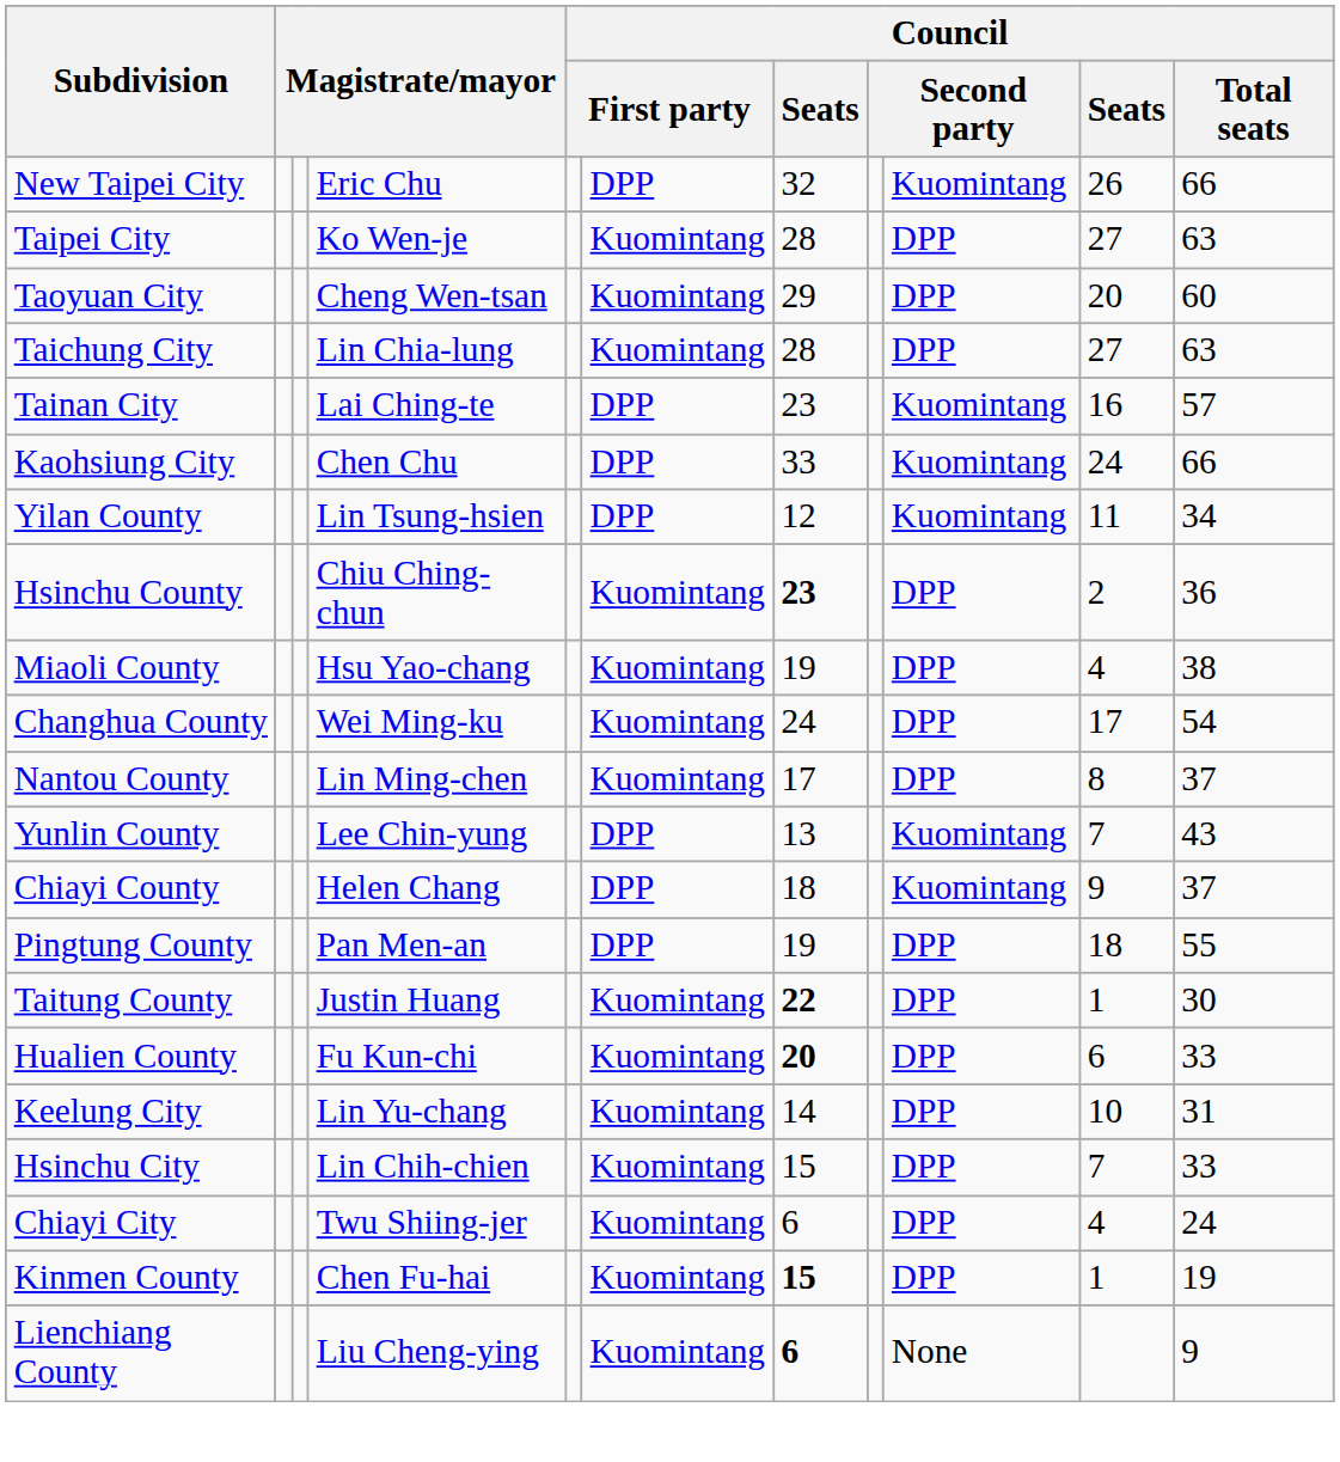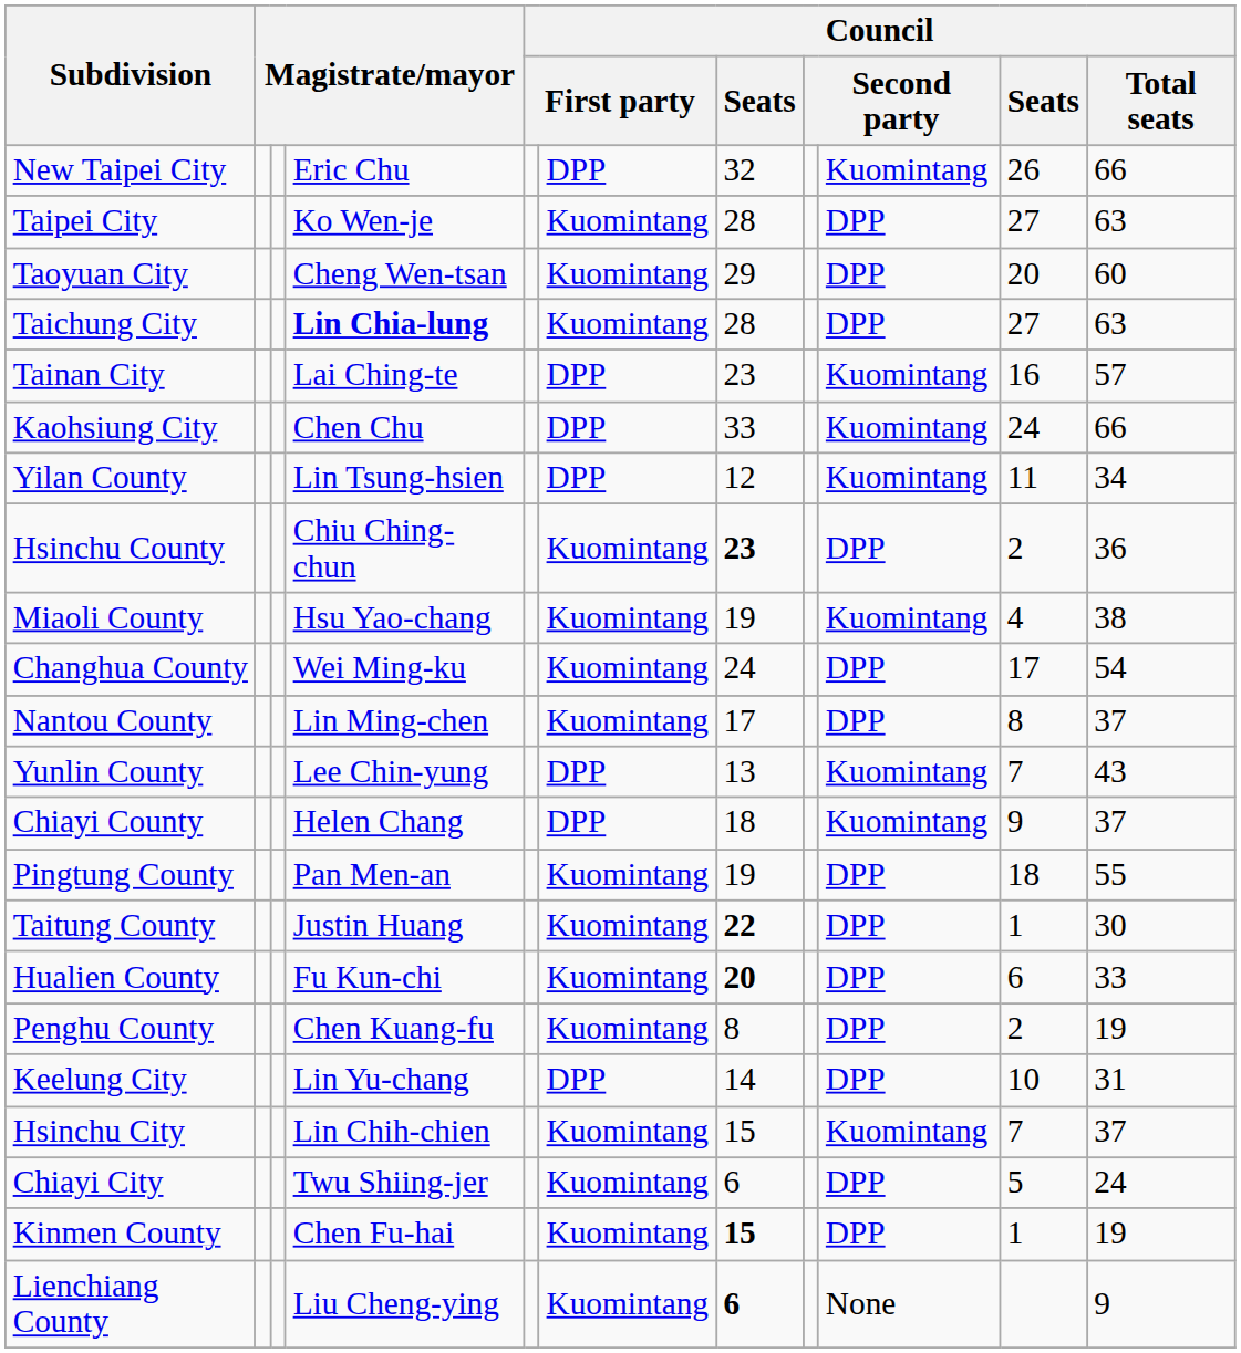 <table class="wikitable sortable">
 <tr>
 <th rowspan="2">Subdivision</th>
 <th colspan="3" rowspan="2">Magistrate/mayor</th>
 <th colspan="7">Council</th>
 </tr>
 <tr>
 <th colspan="2">First party</th>
 <th>Seats</th>
 <th colspan="2">Second party</th>
 <th>Seats</th>
 <th>Total seats</th>
 </tr>
 <tr>
 <td><a href='#'>New Taipei City</a></td>
 <td style="background-color:"></td>
 <td></td>
 <td><a href='#'>Eric Chu</a></td>
 <td style="background-color:"></td>
 <td><a href='#'>DPP</a></td>
 <td>32</td>
 <td style="background-color:"></td>
 <td><a href='#'>Kuomintang</a></td>
 <td>26</td>
 <td>66</td>
 </tr>
 <tr>
 <td><a href='#'>Taipei City</a></td>
 <td style="background-color:"></td>
 <td></td>
 <td><a href='#'>Ko Wen-je</a></td>
 <td style="background-color:"></td>
 <td><a href='#'>Kuomintang</a></td>
 <td>28</td>
 <td style="background-color:"></td>
 <td><a href='#'>DPP</a></td>
 <td>27</td>
 <td>63</td>
 </tr>
 <tr>
 <td><a href='#'>Taoyuan City</a></td>
 <td style="background-color:"></td>
 <td></td>
 <td><a href='#'>Cheng Wen-tsan</a></td>
 <td style="background-color:"></td>
 <td><a href='#'>Kuomintang</a></td>
 <td>29</td>
 <td style="background-color:"></td>
 <td><a href='#'>DPP</a></td>
 <td>20</td>
 <td>60</td>
 </tr>
 <tr>
 <td><a href='#'>Taichung City</a></td>
 <td style="background-color:"></td>
 <td></td>
-<td><a href='#'>Lin Chia-lung</a></td>
+<td><strong><a href='#'>Lin Chia-lung</a></strong></td>
 <td style="background-color:"></td>
 <td><a href='#'>Kuomintang</a></td>
 <td>28</td>
 <td style="background-color:"></td>
 <td><a href='#'>DPP</a></td>
 <td>27</td>
 <td>63</td>
 </tr>
 <tr>
 <td><a href='#'>Tainan City</a></td>
 <td style="background-color:"></td>
 <td></td>
 <td><a href='#'>Lai Ching-te</a></td>
 <td style="background-color:"></td>
 <td><a href='#'>DPP</a></td>
 <td>23</td>
 <td style="background-color:"></td>
 <td><a href='#'>Kuomintang</a></td>
 <td>16</td>
 <td>57</td>
 </tr>
 <tr>
 <td><a href='#'>Kaohsiung City</a></td>
 <td style="background-color:"></td>
 <td></td>
 <td><a href='#'>Chen Chu</a></td>
 <td style="background-color:"></td>
 <td><a href='#'>DPP</a></td>
 <td>33</td>
 <td style="background-color:"></td>
 <td><a href='#'>Kuomintang</a></td>
 <td>24</td>
 <td>66</td>
 </tr>
 <tr>
 <td><a href='#'>Yilan County</a></td>
 <td style="background-color:"></td>
 <td></td>
 <td><a href='#'>Lin Tsung-hsien</a></td>
 <td style="background-color:"></td>
 <td><a href='#'>DPP</a></td>
 <td>12</td>
 <td style="background-color:"></td>
 <td><a href='#'>Kuomintang</a></td>
 <td>11</td>
 <td>34</td>
 </tr>
 <tr>
 <td><a href='#'>Hsinchu County</a></td>
 <td style="background-color:"></td>
 <td></td>
 <td><a href='#'>Chiu Ching-chun</a></td>
 <td style="background-color:"></td>
 <td><a href='#'>Kuomintang</a></td>
 <td><strong>23</strong></td>
 <td style="background-color:"></td>
 <td><a href='#'>DPP</a></td>
 <td>2</td>
 <td>36</td>
 </tr>
 <tr>
 <td><a href='#'>Miaoli County</a></td>
 <td style="background-color:"></td>
 <td></td>
 <td><a href='#'>Hsu Yao-chang</a></td>
 <td style="background-color:"></td>
 <td><a href='#'>Kuomintang</a></td>
 <td>19</td>
 <td style="background-color:"></td>
-<td><a href='#'>DPP</a></td>
+<td><a href='#'>Kuomintang</a></td>
 <td>4</td>
 <td>38</td>
 </tr>
 <tr>
 <td><a href='#'>Changhua County</a></td>
 <td style="background-color:"></td>
 <td></td>
 <td><a href='#'>Wei Ming-ku</a></td>
 <td style="background-color:"></td>
 <td><a href='#'>Kuomintang</a></td>
 <td>24</td>
 <td style="background-color:"></td>
 <td><a href='#'>DPP</a></td>
 <td>17</td>
 <td>54</td>
 </tr>
 <tr>
 <td><a href='#'>Nantou County</a></td>
 <td style="background-color:"></td>
 <td></td>
 <td><a href='#'>Lin Ming-chen</a></td>
 <td style="background-color:"></td>
 <td><a href='#'>Kuomintang</a></td>
 <td>17</td>
 <td style="background-color:"></td>
 <td><a href='#'>DPP</a></td>
 <td>8</td>
 <td>37</td>
 </tr>
 <tr>
 <td><a href='#'>Yunlin County</a></td>
 <td style="background-color:"></td>
 <td></td>
 <td><a href='#'>Lee Chin-yung</a></td>
 <td style="background-color:"></td>
 <td><a href='#'>DPP</a></td>
 <td>13</td>
 <td style="background-color:"></td>
 <td><a href='#'>Kuomintang</a></td>
 <td>7</td>
 <td>43</td>
 </tr>
 <tr>
 <td><a href='#'>Chiayi County</a></td>
 <td style="background-color:"></td>
 <td></td>
 <td><a href='#'>Helen Chang</a></td>
 <td style="background-color:"></td>
 <td><a href='#'>DPP</a></td>
 <td>18</td>
 <td style="background-color:"></td>
 <td><a href='#'>Kuomintang</a></td>
 <td>9</td>
 <td>37</td>
 </tr>
 <tr>
 <td><a href='#'>Pingtung County</a></td>
 <td style="background-color:"></td>
 <td></td>
 <td><a href='#'>Pan Men-an</a></td>
 <td style="background-color:"></td>
-<td><a href='#'>DPP</a></td>
+<td><a href='#'>Kuomintang</a></td>
 <td>19</td>
 <td style="background-color:"></td>
 <td><a href='#'>DPP</a></td>
 <td>18</td>
 <td>55</td>
 </tr>
 <tr>
 <td><a href='#'>Taitung County</a></td>
 <td style="background-color:"></td>
 <td></td>
 <td><a href='#'>Justin Huang</a></td>
 <td style="background-color:"></td>
 <td><a href='#'>Kuomintang</a></td>
 <td><strong>22</strong></td>
 <td style="background-color:"></td>
 <td><a href='#'>DPP</a></td>
 <td>1</td>
 <td>30</td>
 </tr>
 <tr>
 <td><a href='#'>Hualien County</a></td>
 <td style="background-color:"></td>
 <td></td>
 <td><a href='#'>Fu Kun-chi</a></td>
 <td style="background-color:"></td>
 <td><a href='#'>Kuomintang</a></td>
 <td><strong>20</strong></td>
 <td style="background-color:"></td>
 <td><a href='#'>DPP</a></td>
 <td>6</td>
 <td>33</td>
 </tr>
 <tr>
+<td><a href='#'>Penghu County</a></td>
+<td style="background-color:"></td>
+<td></td>
+<td><a href='#'>Chen Kuang-fu</a></td>
+<td style="background-color:"></td>
+<td><a href='#'>Kuomintang</a></td>
+<td>8</td>
+<td style="background-color:"></td>
+<td><a href='#'>DPP</a></td>
+<td>2</td>
+<td>19</td>
+</tr>
+<tr>
 <td><a href='#'>Keelung City</a></td>
 <td style="background-color:"></td>
 <td></td>
 <td><a href='#'>Lin Yu-chang</a></td>
 <td style="background-color:"></td>
-<td><a href='#'>Kuomintang</a></td>
+<td><a href='#'>DPP</a></td>
 <td>14</td>
 <td style="background-color:"></td>
 <td><a href='#'>DPP</a></td>
 <td>10</td>
 <td>31</td>
 </tr>
 <tr>
 <td><a href='#'>Hsinchu City</a></td>
 <td style="background-color:"></td>
 <td></td>
 <td><a href='#'>Lin Chih-chien</a></td>
 <td style="background-color:"></td>
 <td><a href='#'>Kuomintang</a></td>
 <td>15</td>
 <td style="background-color:"></td>
-<td><a href='#'>DPP</a></td>
+<td><a href='#'>Kuomintang</a></td>
 <td>7</td>
-<td>33</td>
+<td>37</td>
 </tr>
 <tr>
 <td><a href='#'>Chiayi City</a></td>
 <td style="background-color:"></td>
 <td></td>
 <td><a href='#'>Twu Shiing-jer</a></td>
 <td style="background-color:"></td>
 <td><a href='#'>Kuomintang</a></td>
 <td>6</td>
 <td style="background-color:"></td>
 <td><a href='#'>DPP</a></td>
-<td>4</td>
+<td>5</td>
 <td>24</td>
 </tr>
 <tr>
 <td><a href='#'>Kinmen County</a></td>
 <td style="background-color:"></td>
 <td></td>
 <td><a href='#'>Chen Fu-hai</a></td>
 <td style="background-color:"></td>
 <td><a href='#'>Kuomintang</a></td>
 <td><strong>15</strong></td>
 <td style="background-color:"></td>
 <td><a href='#'>DPP</a></td>
 <td>1</td>
 <td>19</td>
 </tr>
 <tr>
 <td><a href='#'>Lienchiang County</a></td>
 <td style="background-color:"></td>
 <td></td>
 <td><a href='#'>Liu Cheng-ying</a></td>
 <td style="background-color:"></td>
 <td><a href='#'>Kuomintang</a></td>
 <td><strong>6</strong></td>
 <td style="background-color:"></td>
 <td>None</td>
 <td></td>
 <td>9</td>
 </tr>
 </table>
